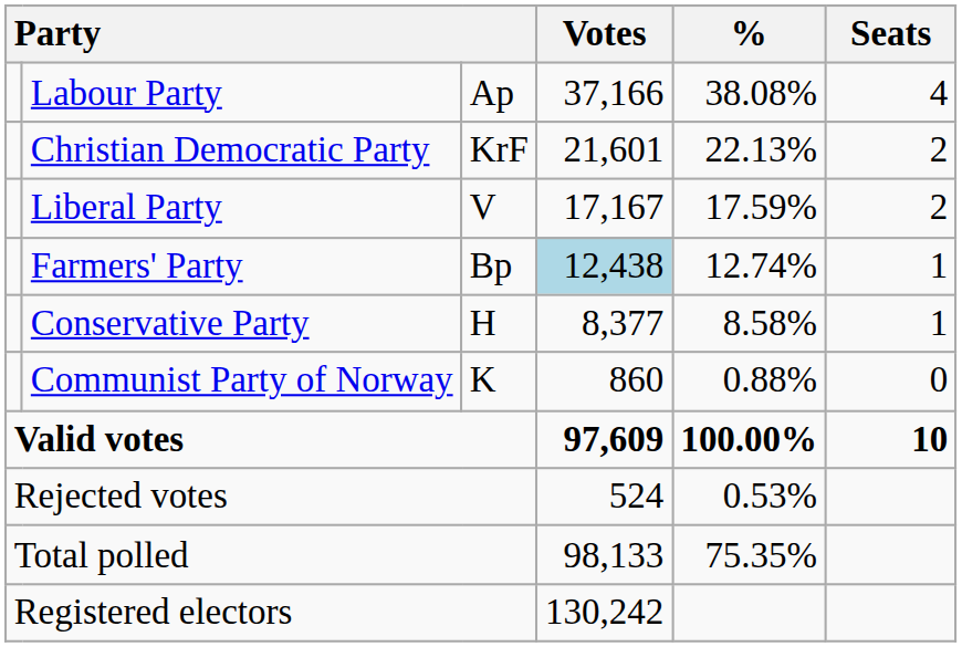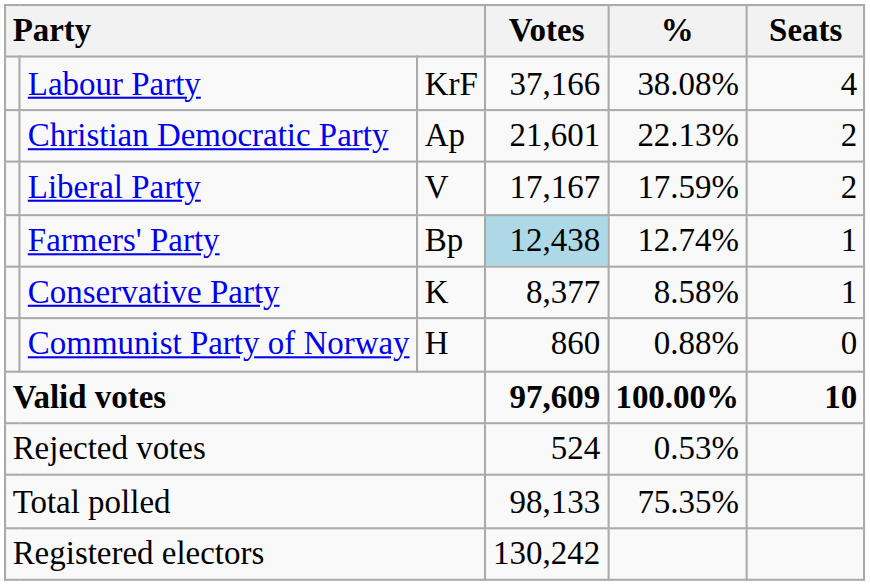 <table class="wikitable" border="1" style="text-align:right;">
 <tr>
 <th style="text-align:left;" colspan=3>Party</th>
 <th align=center width="50">Votes</th>
 <th align=center width="50">%</th>
 <th align=center width="50">Seats</th>
 </tr>
 <tr>
 <td style="color:inherit;background:"></td>
 <td align=left><a href='#'>Labour Party</a></td>
-<td align=left>Ap</td>
+<td align=left>KrF</td>
 <td>37,166</td>
 <td>38.08%</td>
 <td>4</td>
 </tr>
 <tr>
 <td style="color:inherit;background:"></td>
 <td align=left><a href='#'>Christian Democratic Party</a></td>
-<td align=left>KrF</td>
+<td align=left>Ap</td>
 <td>21,601</td>
 <td>22.13%</td>
 <td>2</td>
 </tr>
 <tr>
 <td style="color:inherit;background:"></td>
 <td align=left><a href='#'>Liberal Party</a></td>
 <td align=left>V</td>
 <td>17,167</td>
 <td>17.59%</td>
 <td>2</td>
 </tr>
 <tr>
 <td style="color:inherit;background:"></td>
 <td align=left><a href='#'>Farmers' Party</a></td>
 <td align=left>Bp</td>
 <td style="background: lightblue;">12,438</td>
 <td>12.74%</td>
 <td>1</td>
 </tr>
 <tr>
 <td style="color:inherit;background:"></td>
 <td align=left><a href='#'>Conservative Party</a></td>
-<td align=left>H</td>
+<td align=left>K</td>
 <td>8,377</td>
 <td>8.58%</td>
 <td>1</td>
 </tr>
 <tr>
 <td style="color:inherit;background:"></td>
 <td align=left><a href='#'>Communist Party of Norway</a></td>
-<td align=left>K</td>
+<td align=left>H</td>
 <td>860</td>
 <td>0.88%</td>
 <td>0</td>
 </tr>
 <tr style="font-weight:bold">
 <td align=left colspan=3>Valid votes</td>
 <td>97,609</td>
 <td>100.00%</td>
 <td>10</td>
 </tr>
 <tr>
 <td align=left colspan=3>Rejected votes</td>
 <td>524</td>
 <td>0.53%</td>
 <td></td>
 </tr>
 <tr>
 <td align=left colspan=3>Total polled</td>
 <td>98,133</td>
 <td>75.35%</td>
 <td></td>
 </tr>
 <tr>
 <td align=left colspan=3>Registered electors</td>
 <td>130,242</td>
 <td></td>
 <td></td>
 </tr>
 </table>
